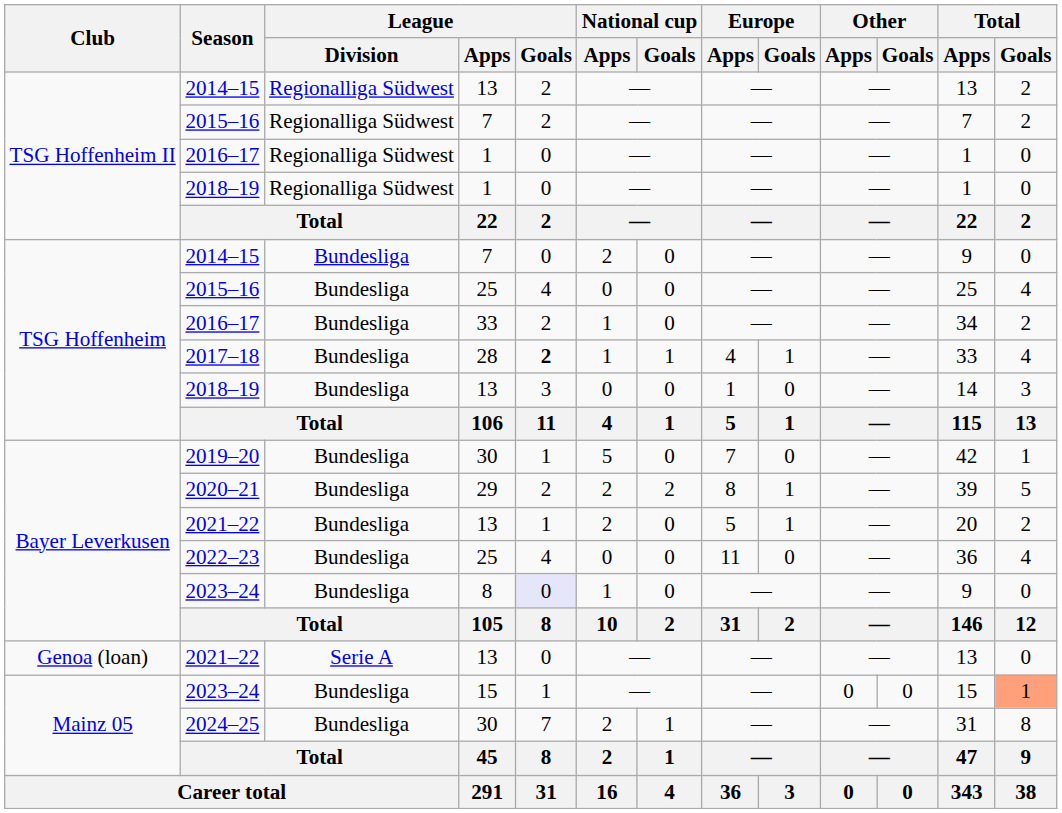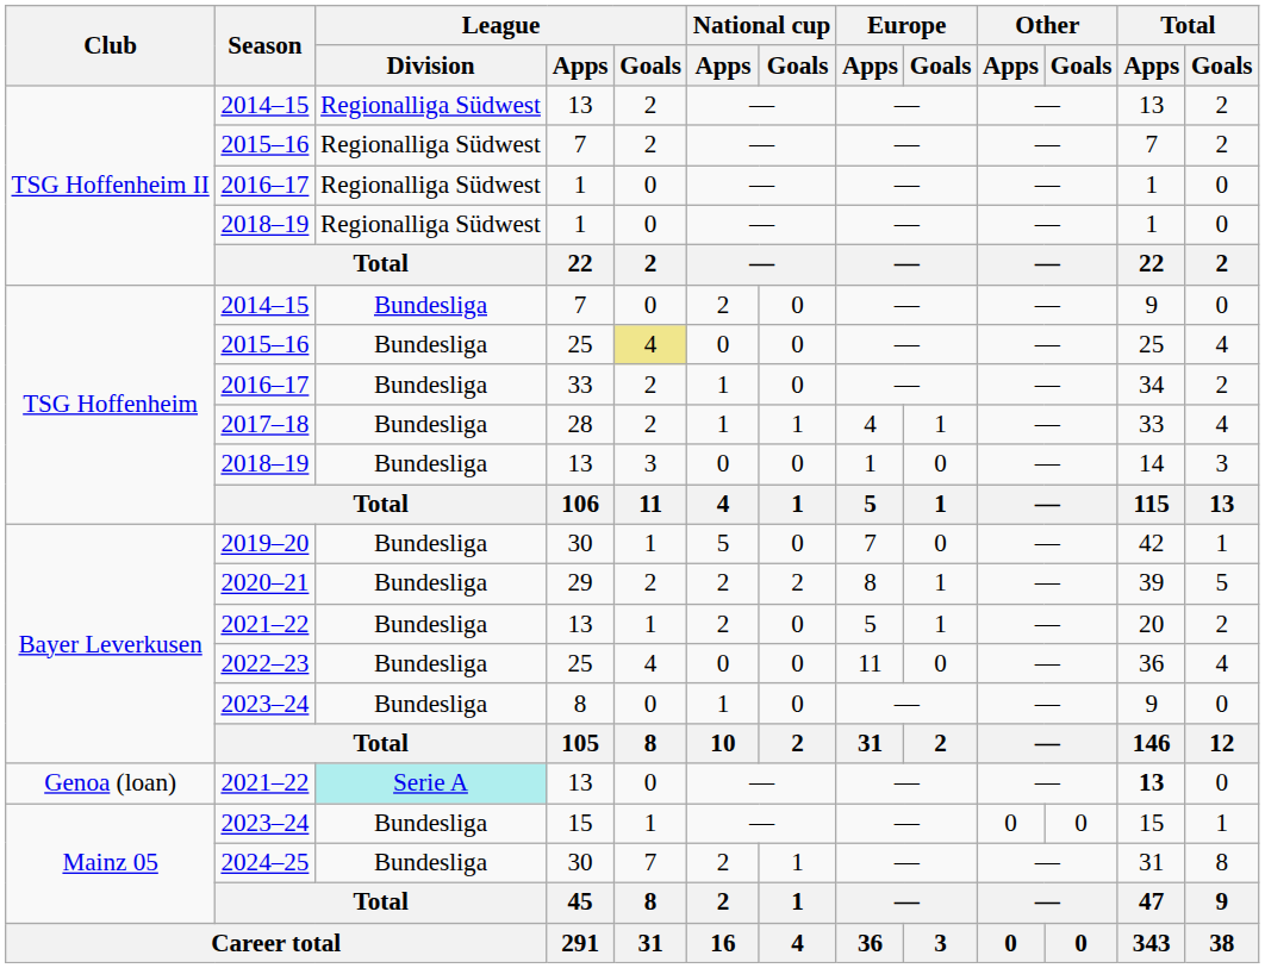 <table class="wikitable" style="text-align: center;">
 <tr>
 <th rowspan="2">Club</th>
 <th rowspan="2">Season</th>
 <th colspan="3">League</th>
 <th colspan="2">National cup</th>
 <th colspan="2">Europe</th>
 <th colspan="2">Other</th>
 <th colspan="2">Total</th>
 </tr>
 <tr>
 <th>Division</th>
 <th>Apps</th>
 <th>Goals</th>
 <th>Apps</th>
 <th>Goals</th>
 <th>Apps</th>
 <th>Goals</th>
 <th>Apps</th>
 <th>Goals</th>
 <th>Apps</th>
 <th>Goals</th>
 </tr>
 <tr>
 <td rowspan="5"><a href='#'>TSG Hoffenheim II</a></td>
 <td><a href='#'>2014–15</a></td>
 <td><a href='#'>Regionalliga Südwest</a></td>
 <td>13</td>
 <td>2</td>
 <td colspan="2">—</td>
 <td colspan="2">—</td>
 <td colspan="2">—</td>
 <td>13</td>
 <td>2</td>
 </tr>
 <tr>
 <td><a href='#'>2015–16</a></td>
 <td>Regionalliga Südwest</td>
 <td>7</td>
 <td>2</td>
 <td colspan="2">—</td>
 <td colspan="2">—</td>
 <td colspan="2">—</td>
 <td>7</td>
 <td>2</td>
 </tr>
 <tr>
 <td><a href='#'>2016–17</a></td>
 <td>Regionalliga Südwest</td>
 <td>1</td>
 <td>0</td>
 <td colspan="2">—</td>
 <td colspan="2">—</td>
 <td colspan="2">—</td>
 <td>1</td>
 <td>0</td>
 </tr>
 <tr>
 <td><a href='#'>2018–19</a></td>
 <td>Regionalliga Südwest</td>
 <td>1</td>
 <td>0</td>
 <td colspan="2">—</td>
 <td colspan="2">—</td>
 <td colspan="2">—</td>
 <td>1</td>
 <td>0</td>
 </tr>
 <tr>
 <th colspan="2">Total</th>
 <th>22</th>
 <th>2</th>
 <th colspan="2">—</th>
 <th colspan="2">—</th>
 <th colspan="2">—</th>
 <th>22</th>
 <th>2</th>
 </tr>
 <tr>
 <td rowspan="6"><a href='#'>TSG Hoffenheim</a></td>
 <td><a href='#'>2014–15</a></td>
 <td><a href='#'>Bundesliga</a></td>
 <td>7</td>
 <td>0</td>
 <td>2</td>
 <td>0</td>
 <td colspan="2">—</td>
 <td colspan="2">—</td>
 <td>9</td>
 <td>0</td>
 </tr>
 <tr>
 <td><a href='#'>2015–16</a></td>
 <td>Bundesliga</td>
 <td>25</td>
-<td>4</td>
+<td style="background: khaki;">4</td>
 <td>0</td>
 <td>0</td>
 <td colspan="2">—</td>
 <td colspan="2">—</td>
 <td>25</td>
 <td>4</td>
 </tr>
 <tr>
 <td><a href='#'>2016–17</a></td>
 <td>Bundesliga</td>
 <td>33</td>
 <td>2</td>
 <td>1</td>
 <td>0</td>
 <td colspan="2">—</td>
 <td colspan="2">—</td>
 <td>34</td>
 <td>2</td>
 </tr>
 <tr>
 <td><a href='#'>2017–18</a></td>
 <td>Bundesliga</td>
 <td>28</td>
-<td><strong>2</strong></td>
+<td>2</td>
 <td>1</td>
 <td>1</td>
 <td>4</td>
 <td>1</td>
 <td colspan="2">—</td>
 <td>33</td>
 <td>4</td>
 </tr>
 <tr>
 <td><a href='#'>2018–19</a></td>
 <td>Bundesliga</td>
 <td>13</td>
 <td>3</td>
 <td>0</td>
 <td>0</td>
 <td>1</td>
 <td>0</td>
 <td colspan="2">—</td>
 <td>14</td>
 <td>3</td>
 </tr>
 <tr>
 <th colspan="2">Total</th>
 <th>106</th>
 <th>11</th>
 <th>4</th>
 <th>1</th>
 <th>5</th>
 <th>1</th>
 <th colspan="2">—</th>
 <th>115</th>
 <th>13</th>
 </tr>
 <tr>
 <td rowspan="6"><a href='#'>Bayer Leverkusen</a></td>
 <td><a href='#'>2019–20</a></td>
 <td>Bundesliga</td>
 <td>30</td>
 <td>1</td>
 <td>5</td>
 <td>0</td>
 <td>7</td>
 <td>0</td>
 <td colspan="2">—</td>
 <td>42</td>
 <td>1</td>
 </tr>
 <tr>
 <td><a href='#'>2020–21</a></td>
 <td>Bundesliga</td>
 <td>29</td>
 <td>2</td>
 <td>2</td>
 <td>2</td>
 <td>8</td>
 <td>1</td>
 <td colspan="2">—</td>
 <td>39</td>
 <td>5</td>
 </tr>
 <tr>
 <td><a href='#'>2021–22</a></td>
 <td>Bundesliga</td>
 <td>13</td>
 <td>1</td>
 <td>2</td>
 <td>0</td>
 <td>5</td>
 <td>1</td>
 <td colspan="2">—</td>
 <td>20</td>
 <td>2</td>
 </tr>
 <tr>
 <td><a href='#'>2022–23</a></td>
 <td>Bundesliga</td>
 <td>25</td>
 <td>4</td>
 <td>0</td>
 <td>0</td>
 <td>11</td>
 <td>0</td>
 <td colspan="2">—</td>
 <td>36</td>
 <td>4</td>
 </tr>
 <tr>
 <td><a href='#'>2023–24</a></td>
 <td>Bundesliga</td>
 <td>8</td>
-<td style="background: lavender;">0</td>
+<td>0</td>
 <td>1</td>
 <td>0</td>
 <td colspan="2">—</td>
 <td colspan="2">—</td>
 <td>9</td>
 <td>0</td>
 </tr>
 <tr>
 <th colspan="2">Total</th>
 <th>105</th>
 <th>8</th>
 <th>10</th>
 <th>2</th>
 <th>31</th>
 <th>2</th>
 <th colspan="2">—</th>
 <th>146</th>
 <th>12</th>
 </tr>
 <tr>
 <td><a href='#'>Genoa</a> (loan)</td>
 <td><a href='#'>2021–22</a></td>
-<td><a href='#'>Serie A</a></td>
+<td style="background: paleturquoise;"><a href='#'>Serie A</a></td>
 <td>13</td>
 <td>0</td>
 <td colspan="2">—</td>
 <td colspan="2">—</td>
 <td colspan="2">—</td>
-<td>13</td>
+<td><strong>13</strong></td>
 <td>0</td>
 </tr>
 <tr>
 <td rowspan="3"><a href='#'>Mainz 05</a></td>
 <td><a href='#'>2023–24</a></td>
 <td>Bundesliga</td>
 <td>15</td>
 <td>1</td>
 <td colspan="2">—</td>
 <td colspan="2">—</td>
 <td>0</td>
 <td>0</td>
 <td>15</td>
-<td style="background: lightsalmon;">1</td>
+<td>1</td>
 </tr>
 <tr>
 <td><a href='#'>2024–25</a></td>
 <td>Bundesliga</td>
 <td>30</td>
 <td>7</td>
 <td>2</td>
 <td>1</td>
 <td colspan="2">—</td>
 <td colspan="2">—</td>
 <td>31</td>
 <td>8</td>
 </tr>
 <tr>
 <th colspan="2">Total</th>
 <th>45</th>
 <th>8</th>
 <th>2</th>
 <th>1</th>
 <th colspan="2">—</th>
 <th colspan="2">—</th>
 <th>47</th>
 <th>9</th>
 </tr>
 <tr>
 <th colspan="3">Career total</th>
 <th>291</th>
 <th>31</th>
 <th>16</th>
 <th>4</th>
 <th>36</th>
 <th>3</th>
 <th>0</th>
 <th>0</th>
 <th>343</th>
 <th>38</th>
 </tr>
 </table>
